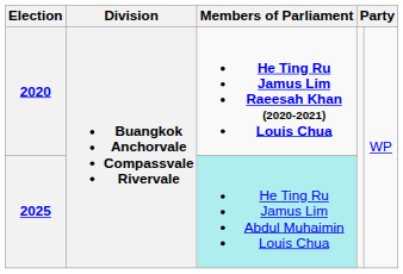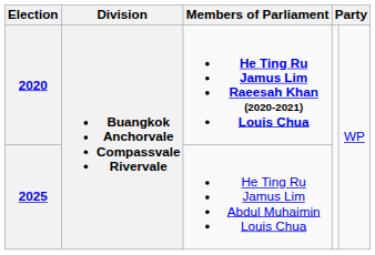 <table class="wikitable" align="center" style="text-align:center">
 <tr>
 <th>Election</th>
 <th>Division</th>
 <th>Members of Parliament</th>
 <th colspan="2">Party</th>
 </tr>
 <tr>
 <th><a href='#'>2020</a></th>
 <th rowspan="2"><br><ul><li>Buangkok</li><li>Anchorvale</li><li>Compassvale</li><li>Rivervale</li></ul></th>
 <td><strong><br><ul><li><a href='#'>He Ting Ru</a></li><li><a href='#'>Jamus Lim</a></li><li><a href='#'>Raeesah Khan</a><br><small>(2020-2021)</small></li><li><a href='#'>Louis Chua</a></li></ul></strong></td>
 <td rowspan="2"></td>
 <td rowspan="2"><a href='#'>WP</a></td>
 </tr>
 <tr>
 <th><a href='#'>2025</a></th>
-<td style="background: paleturquoise;"><br><ul><li><a href='#'>He Ting Ru</a></li><li><a href='#'>Jamus Lim</a></li><li><a href='#'>Abdul Muhaimin</a></li><li><a href='#'>Louis Chua</a></li></ul></td>
+<td><br><ul><li><a href='#'>He Ting Ru</a></li><li><a href='#'>Jamus Lim</a></li><li><a href='#'>Abdul Muhaimin</a></li><li><a href='#'>Louis Chua</a></li></ul></td>
 </tr>
 </table>
